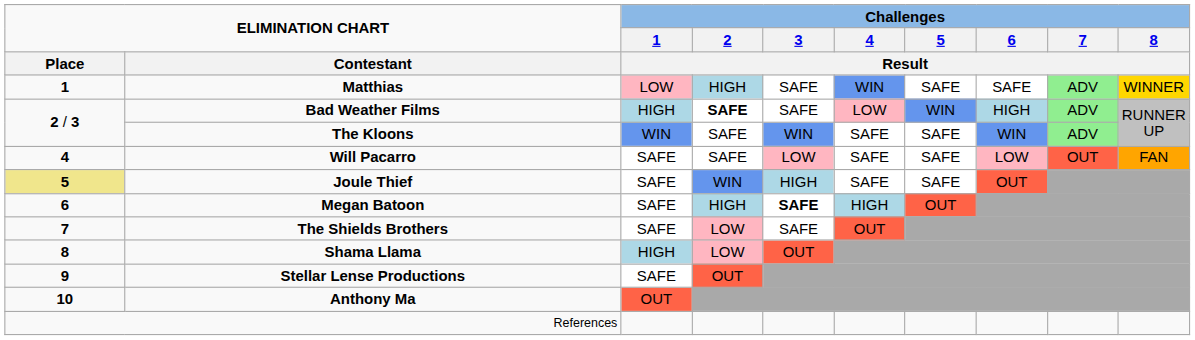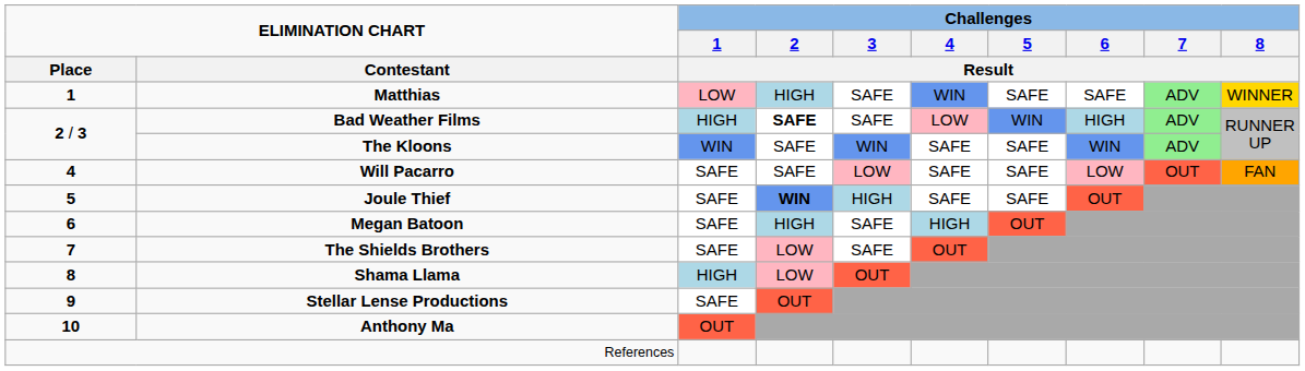 <table class="wikitable" style="margin:1em auto; text-align:center; font-size:85%">
 <tr>
 <td colspan=2 rowspan=2><strong>ELIMINATION CHART</strong></td>
 <td colspan="8" style="background:#8ab8e6;"><strong>Challenges</strong></td>
 </tr>
 <tr>
 <th width=6%><a href='#'>1</a></th>
 <th width=6%><a href='#'>2</a></th>
 <th width=6%><a href='#'>3</a></th>
 <th width=6%><a href='#'>4</a></th>
 <th width=6%><a href='#'>5</a></th>
 <th width=6%><a href='#'>6</a></th>
 <th width=6%><a href='#'>7</a></th>
 <th width=6%><a href='#'>8</a></th>
 </tr>
 <tr>
 <th>Place</th>
 <th>Contestant</th>
 <th colspan="14">Result</th>
 </tr>
 <tr>
 <td><strong>1</strong></td>
 <td><strong>Matthias</strong></td>
 <td style="background:lightpink">LOW</td>
 <td style="background:lightblue">HIGH</td>
 <td style="background:white">SAFE</td>
 <td style="background:cornflowerblue">WIN</td>
 <td style="background:white">SAFE</td>
 <td style="background:white">SAFE</td>
 <td style="background:lightgreen">ADV</td>
 <td style="background:gold">WINNER</td>
 </tr>
 <tr>
 <td rowspan=2><strong>2</strong> / <strong>3</strong></td>
 <td><strong>Bad Weather Films</strong></td>
 <td style="background:lightblue">HIGH</td>
 <td style="background:white"><strong>SAFE</strong></td>
 <td style="background:white">SAFE</td>
 <td style="background:lightpink">LOW</td>
 <td style="background:cornflowerblue">WIN</td>
 <td style="background:lightblue">HIGH</td>
 <td style="background:lightgreen">ADV</td>
 <td style="background:silver" rowspan=2>RUNNER<br>UP</td>
 </tr>
 <tr>
 <td><strong>The Kloons</strong></td>
 <td style="background:cornflowerblue">WIN</td>
 <td style="background:white">SAFE</td>
 <td style="background:cornflowerblue">WIN</td>
 <td style="background:white">SAFE</td>
 <td style="background:white">SAFE</td>
 <td style="background:cornflowerblue">WIN</td>
 <td style="background:lightgreen">ADV</td>
 </tr>
 <tr>
 <td><strong>4</strong></td>
 <td><strong>Will Pacarro</strong></td>
 <td style="background:white">SAFE</td>
 <td style="background:white">SAFE</td>
 <td style="background:lightpink">LOW</td>
 <td style="background:white">SAFE</td>
 <td style="background:white">SAFE</td>
 <td style="background:lightpink">LOW</td>
 <td style="background:tomato">OUT</td>
 <td style="background:orange">FAN</td>
 </tr>
 <tr>
-<td style="background: khaki;"><strong>5</strong></td>
+<td><strong>5</strong></td>
 <td><strong>Joule Thief</strong></td>
 <td style="background:white">SAFE</td>
-<td style="background:cornflowerblue">WIN</td>
+<td style="background:cornflowerblue"><strong>WIN</strong></td>
 <td style="background:lightblue">HIGH</td>
 <td style="background:white">SAFE</td>
 <td style="background:white">SAFE</td>
 <td style="background:tomato">OUT</td>
 <td style="background:darkgrey" colspan=3></td>
 </tr>
 <tr>
 <td><strong>6</strong></td>
 <td><strong>Megan Batoon</strong></td>
 <td style="background:white">SAFE</td>
 <td style="background:lightblue">HIGH</td>
-<td style="background:white"><strong>SAFE</strong></td>
+<td style="background:white">SAFE</td>
 <td style="background:lightblue">HIGH</td>
 <td style="background:tomato">OUT</td>
 <td style="background:darkgrey" colspan=4></td>
 </tr>
 <tr>
 <td><strong>7</strong></td>
 <td><strong>The Shields Brothers</strong></td>
 <td style="background:white">SAFE</td>
 <td style="background:lightpink">LOW</td>
 <td style="background:white">SAFE</td>
 <td style="background:tomato">OUT</td>
 <td style="background:darkgrey" colspan=5></td>
 </tr>
 <tr>
 <td><strong>8</strong></td>
 <td><strong>Shama Llama</strong></td>
 <td style="background:lightblue">HIGH</td>
 <td style="background:lightpink">LOW</td>
 <td style="background:tomato">OUT</td>
 <td style="background:darkgrey" colspan=6></td>
 </tr>
 <tr>
 <td><strong>9</strong></td>
 <td><strong>Stellar Lense Productions</strong></td>
 <td style="background:white">SAFE</td>
 <td style="background:tomato">OUT</td>
 <td style="background:darkgrey" colspan=7></td>
 </tr>
 <tr>
 <td><strong>10</strong></td>
 <td><strong>Anthony Ma</strong></td>
 <td style="background:tomato">OUT</td>
 <td style="background:darkgrey" colspan=8></td>
 </tr>
 <tr>
 <td colspan=2 align=right><small>References</small></td>
 <td></td>
 <td></td>
 <td></td>
 <td></td>
 <td></td>
 <td></td>
 <td></td>
 <td></td>
 </tr>
 </table>
